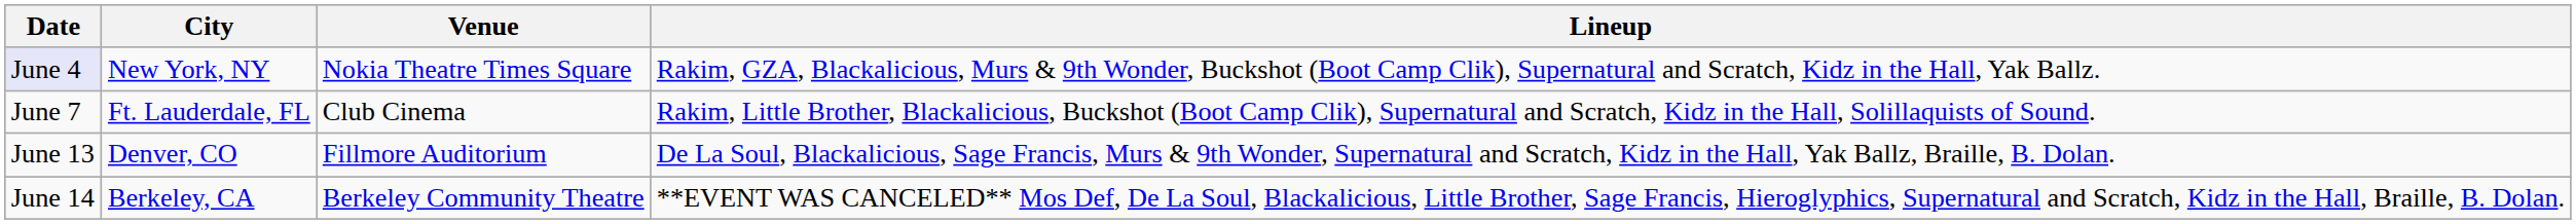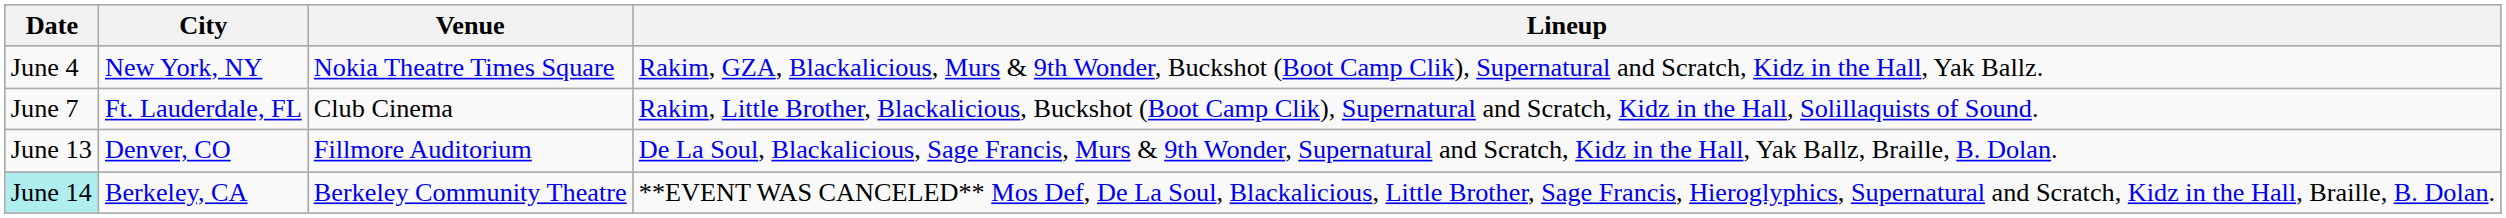 <table class="wikitable">
 <tr>
 <th width=50px>Date</th>
 <th colspan=12>City</th>
 <th colspan=12>Venue</th>
 <th colspan=12>Lineup</th>
 </tr>
 <tr>
-<td style="background: lavender;">June 4</td>
+<td>June 4</td>
 <td colspan=12><a href='#'>New York, NY</a></td>
 <td colspan=12><a href='#'>Nokia Theatre Times Square</a></td>
 <td colspan=12><a href='#'>Rakim</a>, <a href='#'>GZA</a>, <a href='#'>Blackalicious</a>, <a href='#'>Murs</a> & <a href='#'>9th Wonder</a>, Buckshot (<a href='#'>Boot Camp Clik</a>), <a href='#'>Supernatural</a> and Scratch, <a href='#'>Kidz in the Hall</a>, Yak Ballz.</td>
 </tr>
 <tr>
 <td>June 7</td>
 <td colspan=12><a href='#'>Ft. Lauderdale, FL</a></td>
 <td colspan=12>Club Cinema</td>
 <td colspan=12><a href='#'>Rakim</a>, <a href='#'>Little Brother</a>, <a href='#'>Blackalicious</a>, Buckshot (<a href='#'>Boot Camp Clik</a>), <a href='#'>Supernatural</a> and Scratch, <a href='#'>Kidz in the Hall</a>, <a href='#'>Solillaquists of Sound</a>.</td>
 </tr>
 <tr>
 <td>June 13</td>
 <td colspan=12><a href='#'>Denver, CO</a></td>
 <td colspan=12><a href='#'>Fillmore Auditorium</a></td>
 <td colspan=12><a href='#'>De La Soul</a>, <a href='#'>Blackalicious</a>, <a href='#'>Sage Francis</a>, <a href='#'>Murs</a> & <a href='#'>9th Wonder</a>, <a href='#'>Supernatural</a> and Scratch, <a href='#'>Kidz in the Hall</a>, Yak Ballz, Braille, <a href='#'>B. Dolan</a>.</td>
 </tr>
 <tr>
-<td>June 14</td>
+<td style="background: paleturquoise;">June 14</td>
 <td colspan=12><a href='#'>Berkeley, CA</a></td>
 <td colspan=12><a href='#'>Berkeley Community Theatre</a></td>
 <td colspan=12>**EVENT WAS CANCELED** <a href='#'>Mos Def</a>, <a href='#'>De La Soul</a>, <a href='#'>Blackalicious</a>, <a href='#'>Little Brother</a>, <a href='#'>Sage Francis</a>, <a href='#'>Hieroglyphics</a>, <a href='#'>Supernatural</a> and Scratch, <a href='#'>Kidz in the Hall</a>, Braille, <a href='#'>B. Dolan</a>.</td>
 </tr>
 </table>
